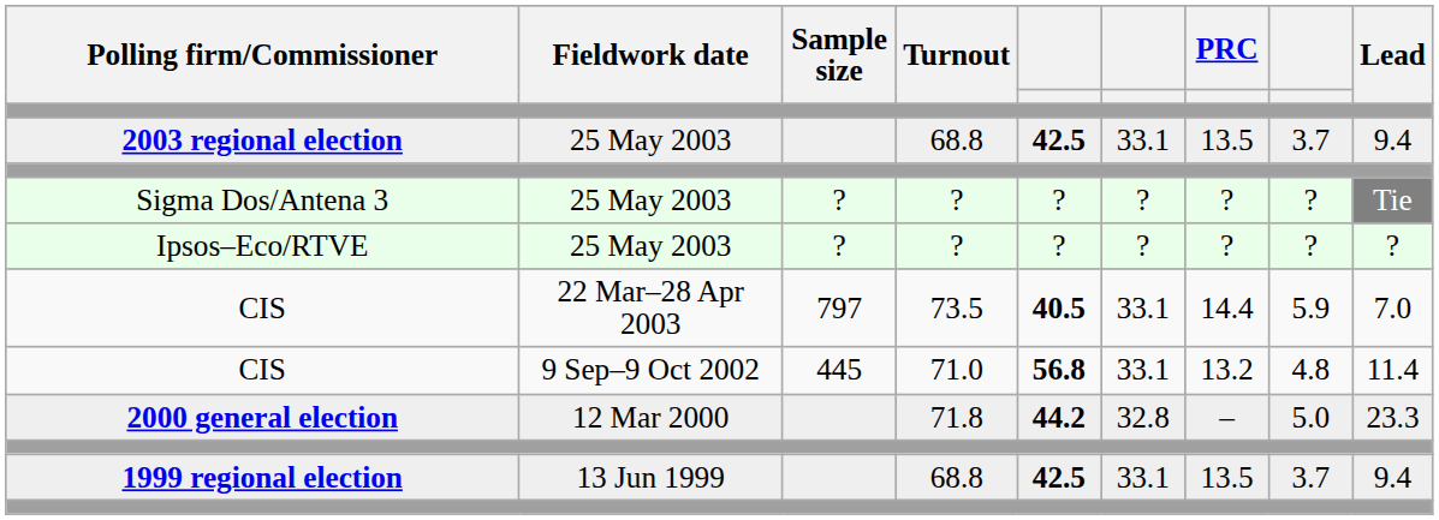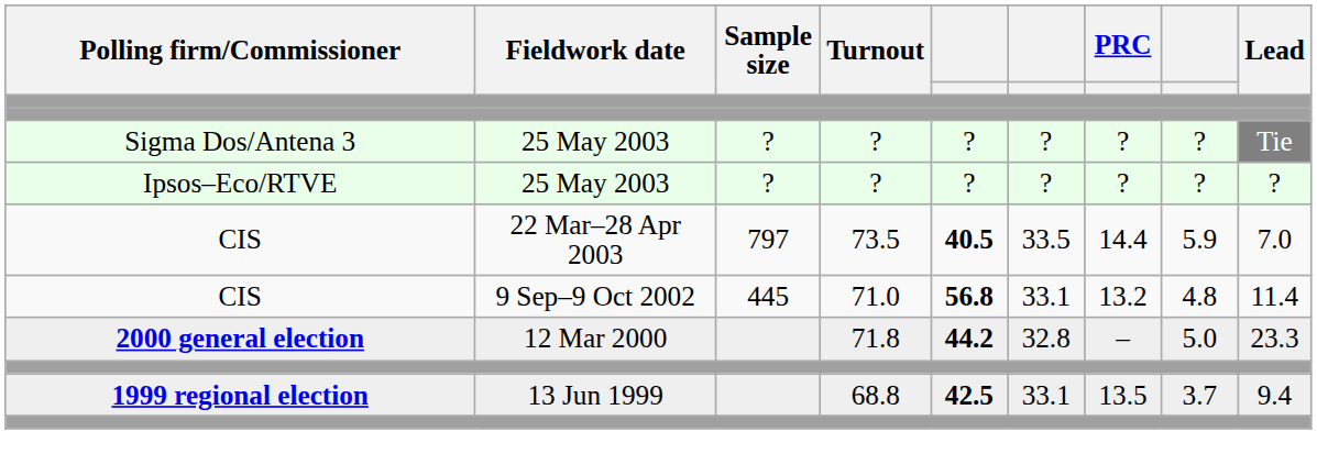 <table class="wikitable collapsible collapsed" style="text-align:center; font-size:95%; line-height:16px;">
 <tr style="height:42px;">
 <th style="width:250px;" rowspan="2">Polling firm/Commissioner</th>
 <th style="width:125px;" rowspan="2">Fieldwork date</th>
 <th style="width:50px;" rowspan="2">Sample size</th>
 <th style="width:45px;" rowspan="2">Turnout</th>
 <th style="width:35px;"></th>
 <th style="width:35px;"></th>
 <th style="width:35px;"><a href='#'>PRC</a></th>
 <th style="width:35px;"></th>
 <th style="width:30px;" rowspan="2">Lead</th>
 </tr>
 <tr>
 <th style="color:inherit;background:"></th>
 <th style="color:inherit;background:"></th>
 <th style="color:inherit;background:"></th>
 <th style="color:inherit;background:"></th>
 </tr>
 <tr>
 <td colspan="9" style="background:#A0A0A0"></td>
-</tr>
-<tr style="background:#EFEFEF;">
-<td><strong><a href='#'>2003 regional election</a></strong></td>
-<td>25 May 2003</td>
-<td></td>
-<td>68.8</td>
-<td><strong>42.5</strong><br></td>
-<td>33.1<br></td>
-<td>13.5<br></td>
-<td>3.7<br></td>
-<td style="background:">9.4</td>
 </tr>
 <tr>
 <td colspan="9" style="background:#A0A0A0"></td>
 </tr>
 <tr style="background:#EAFFEA;">
 <td>Sigma Dos/Antena 3</td>
 <td>25 May 2003</td>
 <td>?</td>
 <td>?</td>
 <td>?<br></td>
 <td>?<br></td>
 <td>?<br></td>
 <td>?<br></td>
 <td style="background:gray; color:white;">Tie</td>
 </tr>
 <tr style="background:#EAFFEA;">
 <td>Ipsos–Eco/RTVE</td>
 <td>25 May 2003</td>
 <td>?</td>
 <td>?</td>
 <td>?<br></td>
 <td>?<br></td>
 <td>?<br></td>
 <td>?<br></td>
 <td style="background:">?</td>
 </tr>
 <tr>
 <td>CIS</td>
 <td>22 Mar–28 Apr 2003</td>
 <td>797</td>
 <td>73.5</td>
 <td><strong>40.5</strong><br></td>
-<td>33.1<br></td>
+<td>33.5<br></td>
 <td>14.4<br></td>
 <td>5.9</td>
 <td style="background:">7.0</td>
 </tr>
 <tr>
 <td>CIS</td>
 <td>9 Sep–9 Oct 2002</td>
 <td>445</td>
 <td>71.0</td>
 <td><strong>56.8</strong><br></td>
 <td>33.1<br></td>
 <td>13.2</td>
 <td>4.8<br></td>
 <td style="background:">11.4</td>
 </tr>
 <tr style="background:#EFEFEF;">
 <td><strong><a href='#'>2000 general election</a></strong></td>
 <td>12 Mar 2000</td>
 <td></td>
 <td>71.8</td>
 <td><strong>44.2</strong></td>
 <td>32.8</td>
 <td>–</td>
 <td>5.0<br></td>
 <td style="background:">23.3</td>
 </tr>
 <tr>
 <td colspan="9" style="background:#A0A0A0"></td>
 </tr>
 <tr style="background:#EFEFEF;">
 <td><strong><a href='#'>1999 regional election</a></strong></td>
 <td>13 Jun 1999</td>
 <td></td>
 <td>68.8</td>
 <td><strong>42.5</strong><br></td>
 <td>33.1<br></td>
 <td>13.5<br></td>
 <td>3.7<br></td>
 <td style="background:">9.4</td>
 </tr>
 <tr>
 <td colspan="9" style="background:#A0A0A0"></td>
 </tr>
 </table>
